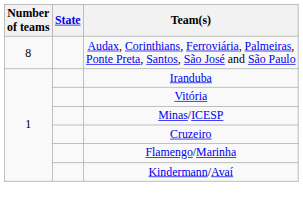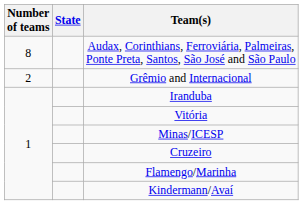 <table class="wikitable" style="text-align:center">
 <tr>
 <th>Number<br>of teams</th>
 <th><a href='#'>State</a></th>
 <th>Team(s)</th>
 </tr>
 <tr>
 <td>8</td>
 <td align=left></td>
 <td><a href='#'>Audax</a>, <a href='#'>Corinthians</a>, <a href='#'>Ferroviária</a>, <a href='#'>Palmeiras</a>,<br><a href='#'>Ponte Preta</a>, <a href='#'>Santos</a>, <a href='#'>São José</a> and <a href='#'>São Paulo</a></td>
+</tr>
+<tr>
+<td>2</td>
+<td align=left></td>
+<td><a href='#'>Grêmio</a> and <a href='#'>Internacional</a></td>
 </tr>
 <tr>
 <td rowspan=6>1</td>
 <td align=left></td>
 <td><a href='#'>Iranduba</a></td>
 </tr>
 <tr>
 <td align=left></td>
 <td><a href='#'>Vitória</a></td>
 </tr>
 <tr>
 <td align=left></td>
 <td><a href='#'>Minas</a>/<a href='#'>ICESP</a></td>
 </tr>
 <tr>
 <td align=left></td>
 <td><a href='#'>Cruzeiro</a></td>
 </tr>
 <tr>
 <td align=left></td>
 <td><a href='#'>Flamengo</a>/<a href='#'>Marinha</a></td>
 </tr>
 <tr>
 <td align=left></td>
 <td><a href='#'>Kindermann</a>/<a href='#'>Avaí</a></td>
 </tr>
 </table>
